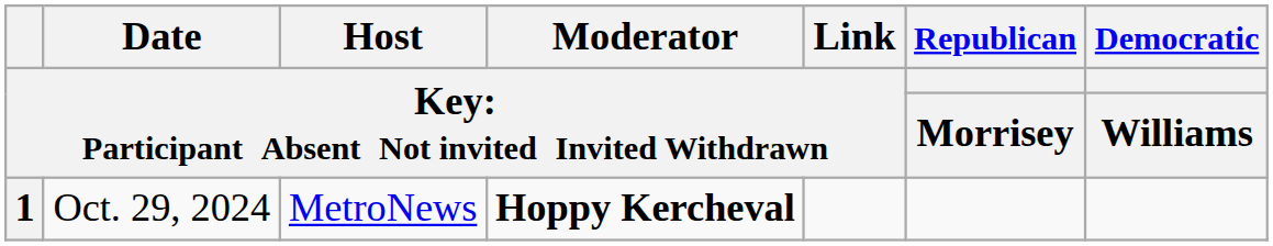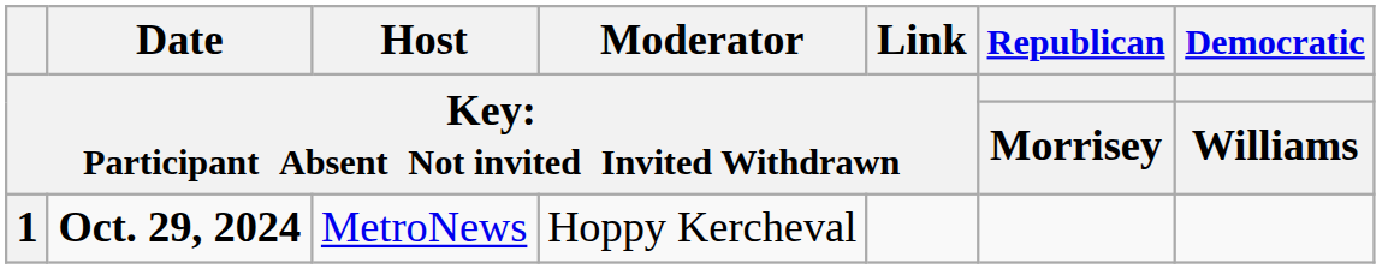 <table class="wikitable" style="text-align:center;">
 <tr>
 <th scope="col"></th>
 <th scope="col">Date</th>
 <th scope="col">Host</th>
 <th scope="col">Moderator</th>
 <th scope="col">Link</th>
 <th scope="col"><small><a href='#'>Republican</a></small></th>
 <th scope="col"><small><a href='#'>Democratic</a></small></th>
 </tr>
 <tr>
 <th colspan="5" rowspan="2">Key:<br> <small>Participant </small>  <small>Absent </small>  <small>Not invited </small>  <small>Invited  Withdrawn</small></th>
 <th scope="col" style="background:"></th>
 <th scope="col" style="background:"></th>
 </tr>
 <tr>
 <th scope="col">Morrisey</th>
 <th scope="col">Williams</th>
 </tr>
 <tr>
 <th>1</th>
-<td style="white-space:nowrap;">Oct. 29, 2024</td>
+<td style="white-space:nowrap;"><strong>Oct. 29, 2024</strong></td>
 <td style="white-space:nowrap;"><a href='#'>MetroNews</a></td>
-<td style="white-space:nowrap;"><strong>Hoppy Kercheval</strong></td>
+<td style="white-space:nowrap;">Hoppy Kercheval</td>
 <td style="white-space:nowrap;"></td>
 <td></td>
 <td></td>
 </tr>
 </table>
